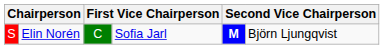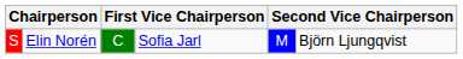 <table class="wikitable">
 <tr>
 <th colspan="2">Chairperson</th>
 <th colspan="2">First Vice Chairperson</th>
 <th colspan="2">Second Vice Chairperson</th>
 </tr>
 <tr>
 <td bgcolor="red"  style="text-align: center; color: white">S</td>
 <td><a href='#'>Elin Norén</a></td>
 <td bgcolor="green"  style="text-align: center; color: white">C</td>
 <td><a href='#'>Sofia Jarl</a></td>
-<td bgcolor="blue"  style="text-align: center; color: white"><strong>M</strong></td>
+<td bgcolor="blue"  style="text-align: center; color: white">M</td>
 <td>Björn Ljungqvist</td>
 </tr>
 </table>
